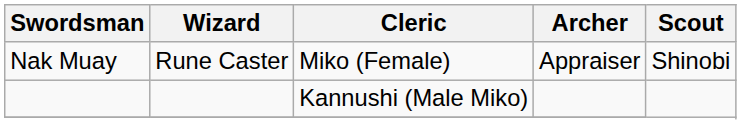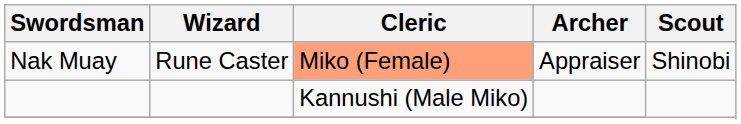 <table class="wikitable">
 <tr>
 <th>Swordsman</th>
 <th>Wizard</th>
 <th>Cleric</th>
 <th>Archer</th>
 <th>Scout</th>
 </tr>
 <tr>
 <td>Nak Muay </td>
 <td>Rune Caster</td>
-<td>Miko (Female)</td>
+<td style="background: lightsalmon;">Miko (Female)</td>
 <td>Appraiser</td>
 <td>Shinobi</td>
 </tr>
 <tr>
 <td></td>
 <td></td>
 <td>Kannushi (Male Miko)</td>
 <td></td>
 </tr>
 <tr>
 </tr>
 </table>
